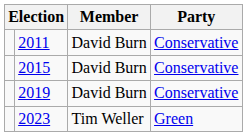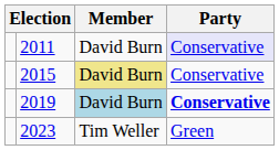 <table class="wikitable">
 <tr>
 <th colspan="2">Election</th>
 <th>Member</th>
 <th>Party</th>
 </tr>
 <tr>
 <td style="background-color: "></td>
 <td><a href='#'>2011</a></td>
 <td>David Burn</td>
-<td><a href='#'>Conservative</a></td>
+<td style="background: lavender;"><a href='#'>Conservative</a></td>
 </tr>
 <tr>
 <td style="background-color: "></td>
 <td><a href='#'>2015</a></td>
-<td>David Burn</td>
+<td style="background: khaki;">David Burn</td>
 <td><a href='#'>Conservative</a></td>
 </tr>
 <tr>
 <td style="background-color: "></td>
 <td><a href='#'>2019</a></td>
-<td>David Burn</td>
-<td><a href='#'>Conservative</a></td>
+<td style="background: lightblue;">David Burn</td>
+<td><strong><a href='#'>Conservative</a></strong></td>
 </tr>
 <tr>
 <td style="background-color: "></td>
 <td><a href='#'>2023</a></td>
 <td>Tim Weller</td>
 <td><a href='#'>Green</a></td>
 </tr>
 </table>
